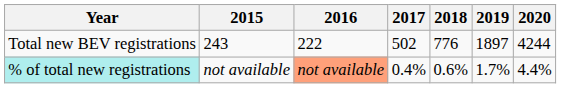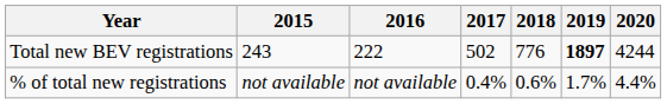 <table class="wikitable">
 <tr>
 <th>Year</th>
 <th>2015</th>
 <th>2016</th>
 <th>2017</th>
 <th>2018</th>
 <th>2019</th>
 <th>2020</th>
 </tr>
 <tr>
 <td>Total new BEV registrations</td>
 <td>243</td>
 <td>222</td>
 <td>502</td>
 <td>776</td>
-<td>1897</td>
+<td><strong>1897</strong></td>
 <td>4244</td>
 </tr>
 <tr>
-<td style="background: paleturquoise;">% of total new registrations</td>
+<td>% of total new registrations</td>
 <td><em>not available</em></td>
-<td style="background: lightsalmon;"><em>not available</em></td>
+<td><em>not available</em></td>
 <td>0.4%</td>
 <td>0.6%</td>
 <td>1.7%</td>
 <td>4.4%</td>
 </tr>
 </table>
